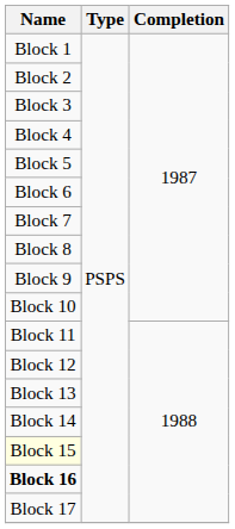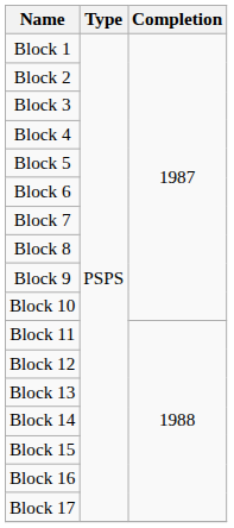 <table class="wikitable" style="text-align: center">
 <tr>
 <th>Name</th>
 <th>Type</th>
 <th>Completion</th>
 </tr>
 <tr>
 <td>Block 1</td>
 <td rowspan="17">PSPS</td>
 <td rowspan="10">1987</td>
 </tr>
 <tr>
 <td>Block 2</td>
 </tr>
 <tr>
 <td>Block 3</td>
 </tr>
 <tr>
 <td>Block 4</td>
 </tr>
 <tr>
 <td>Block 5</td>
 </tr>
 <tr>
 <td>Block 6</td>
 </tr>
 <tr>
 <td>Block 7</td>
 </tr>
 <tr>
 <td>Block 8</td>
 </tr>
 <tr>
 <td>Block 9</td>
 </tr>
 <tr>
 <td>Block 10</td>
 </tr>
 <tr>
 <td>Block 11</td>
 <td rowspan="7">1988</td>
 </tr>
 <tr>
 <td>Block 12</td>
 </tr>
 <tr>
 <td>Block 13</td>
 </tr>
 <tr>
 <td>Block 14</td>
 </tr>
 <tr>
-<td style="background: lightyellow;">Block 15</td>
+<td>Block 15</td>
 </tr>
 <tr>
-<td><strong>Block 16</strong></td>
+<td>Block 16</td>
 </tr>
 <tr>
 <td>Block 17</td>
 </tr>
 <tr>
 </tr>
 </table>
